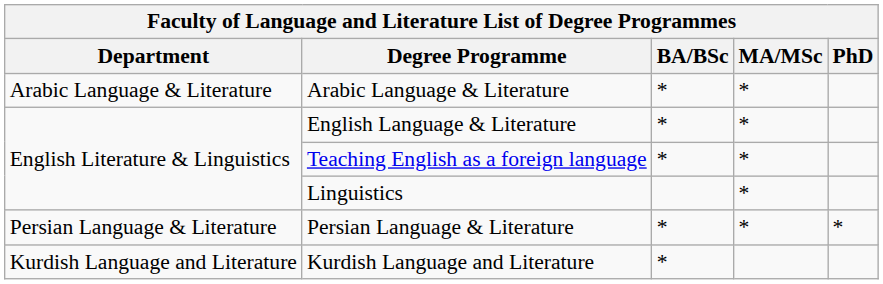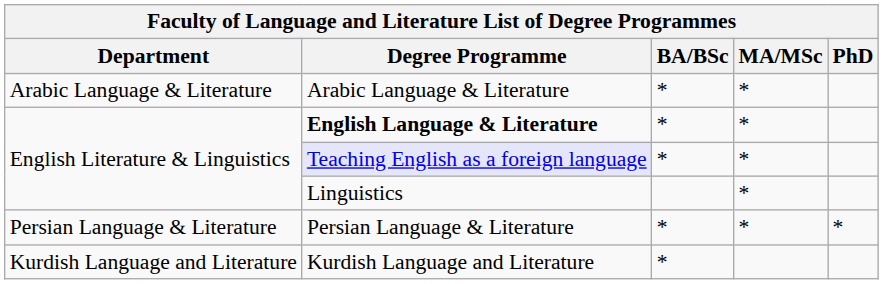 <table class="wikitable">
 <tr>
 <th colspan="5">Faculty of Language and Literature List of Degree Programmes</th>
 </tr>
 <tr>
 <th>Department</th>
 <th>Degree Programme</th>
 <th>BA/BSc</th>
 <th>MA/MSc</th>
 <th>PhD</th>
 </tr>
 <tr>
 <td>Arabic Language & Literature</td>
 <td>Arabic Language & Literature</td>
 <td>*</td>
 <td>*</td>
 <td></td>
 </tr>
 <tr>
 <td rowspan="3">English Literature & Linguistics</td>
-<td>English Language & Literature</td>
+<td><strong>English Language & Literature</strong></td>
 <td>*</td>
 <td>*</td>
 <td></td>
 </tr>
 <tr>
-<td><a href='#'>Teaching English as a foreign language</a></td>
+<td style="background: lavender;"><a href='#'>Teaching English as a foreign language</a></td>
 <td>*</td>
 <td>*</td>
 <td></td>
 </tr>
 <tr>
 <td>Linguistics</td>
 <td></td>
 <td>*</td>
 <td></td>
 </tr>
 <tr>
 <td>Persian Language & Literature</td>
 <td>Persian Language & Literature</td>
 <td>*</td>
 <td>*</td>
 <td>*</td>
 </tr>
 <tr>
 <td>Kurdish Language and Literature</td>
 <td>Kurdish Language and Literature</td>
 <td>*</td>
 <td></td>
 <td></td>
 </tr>
 </table>
